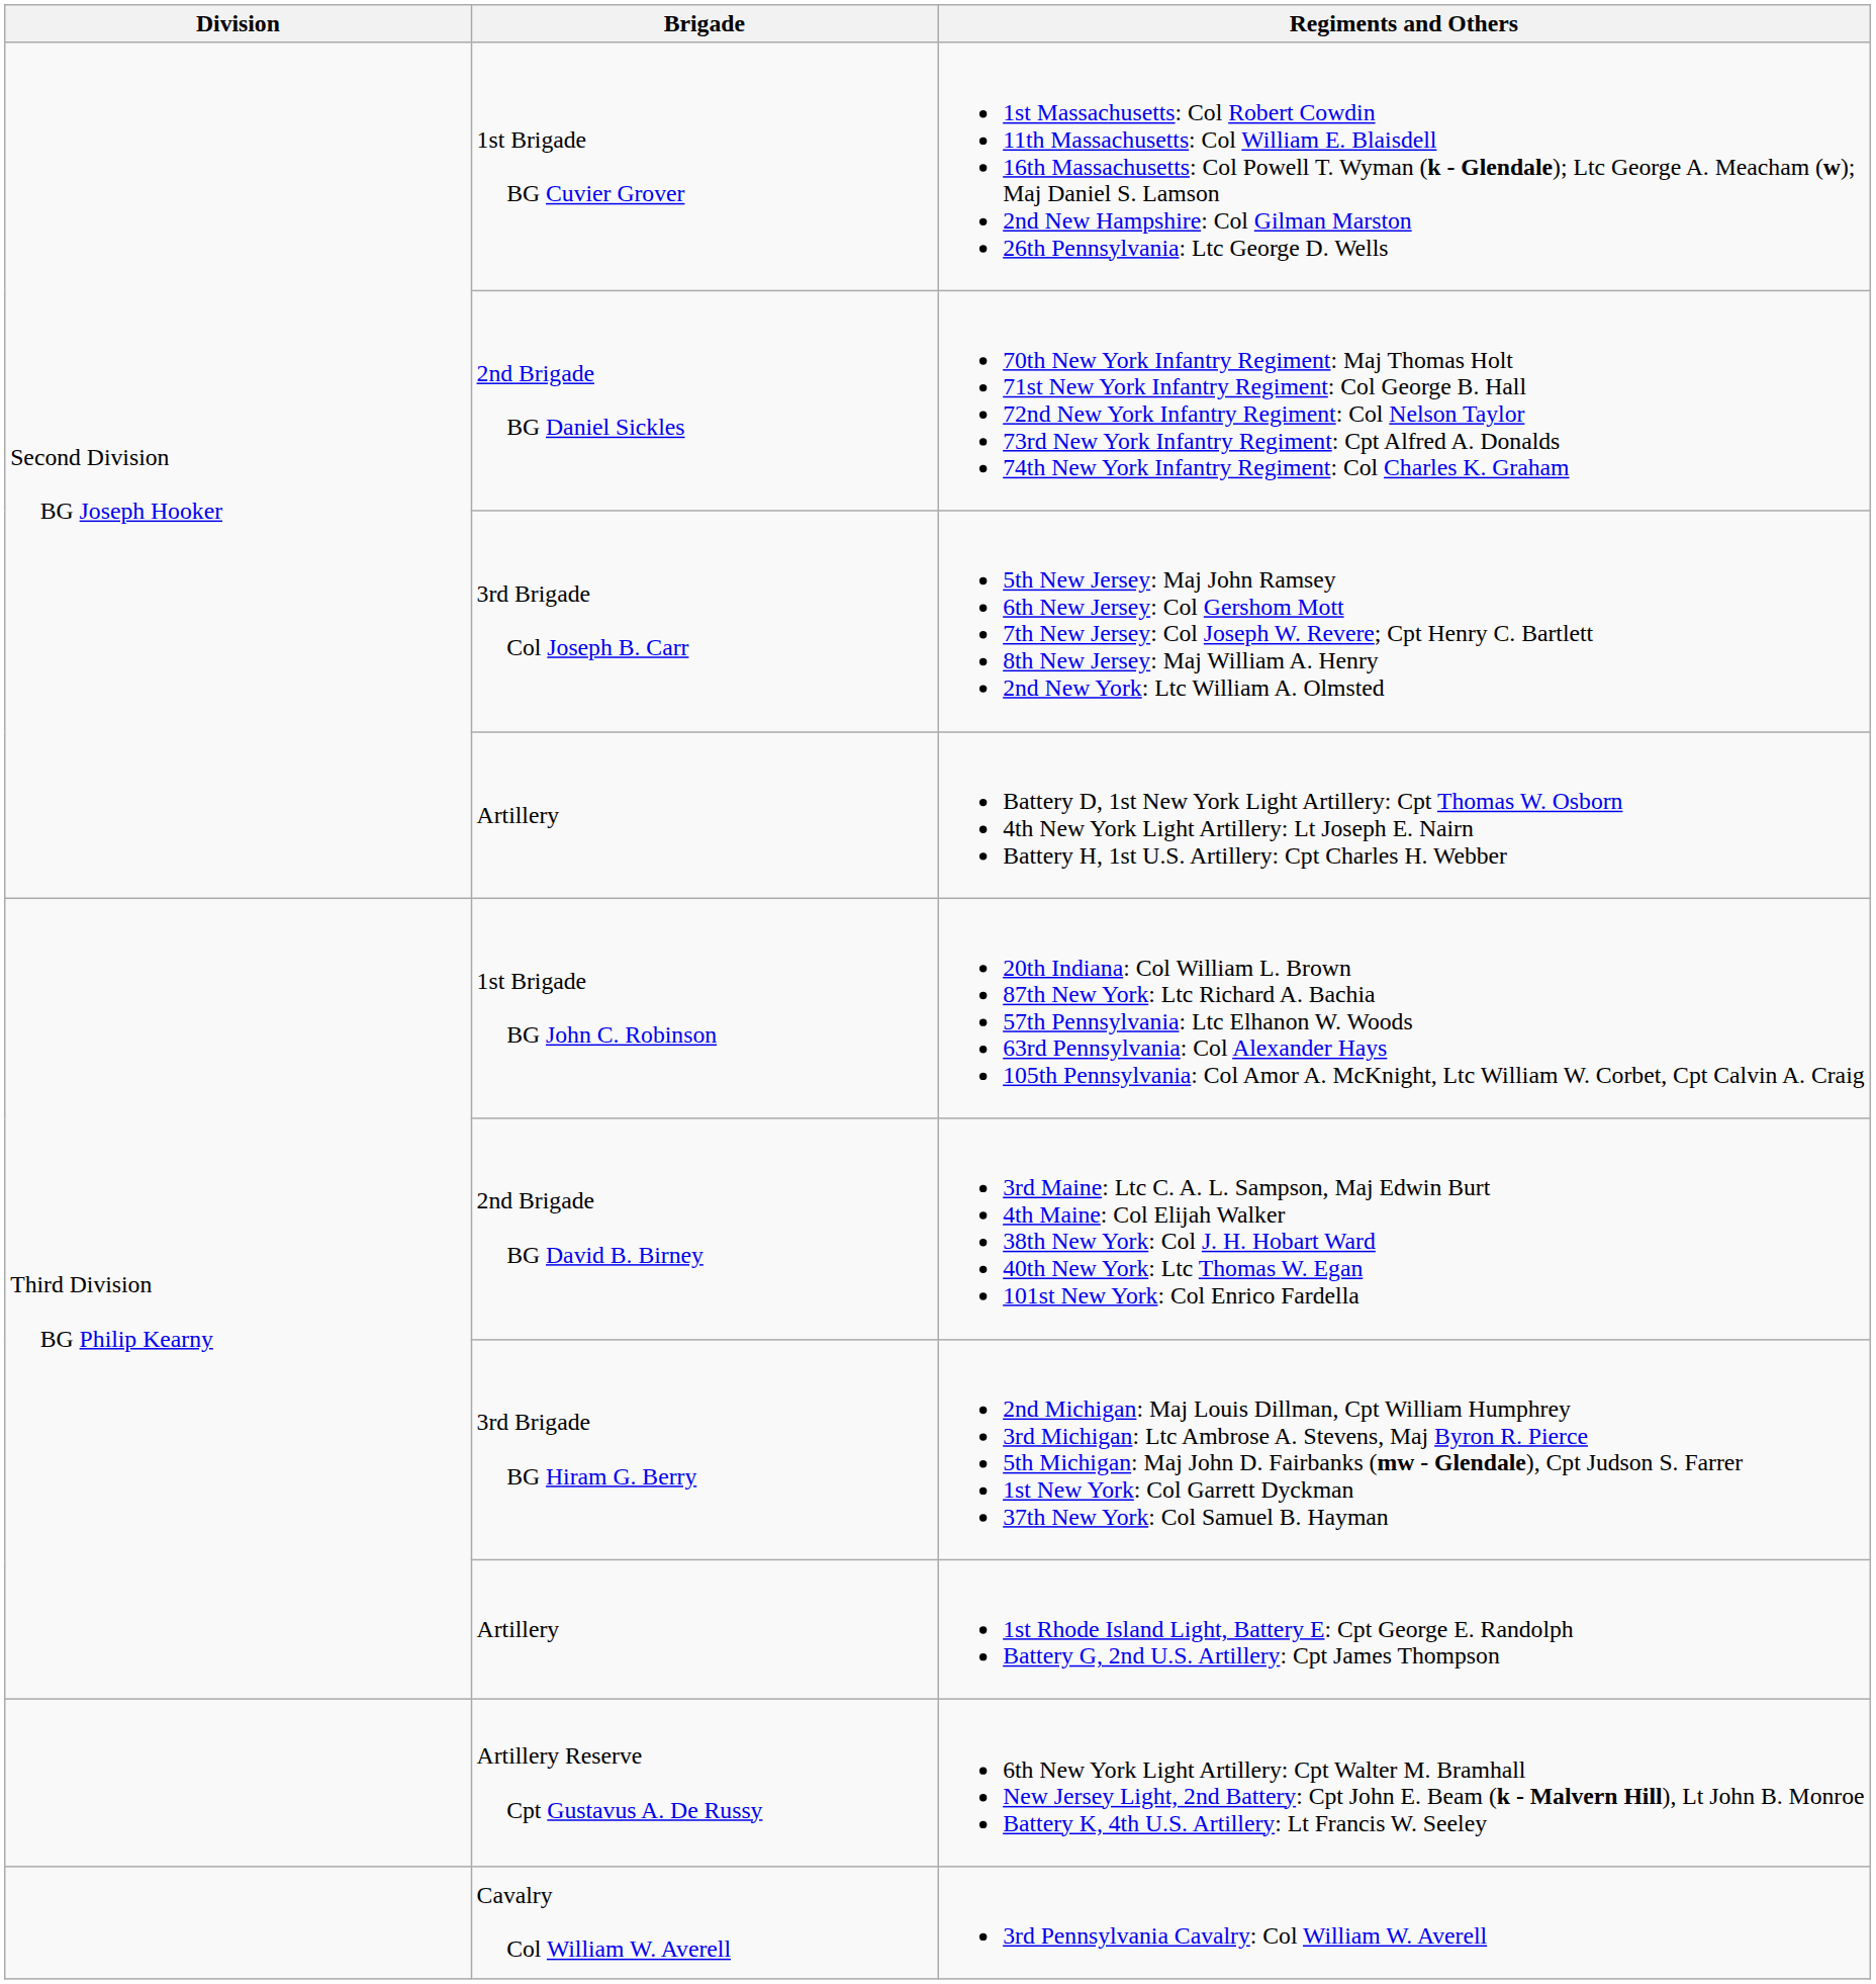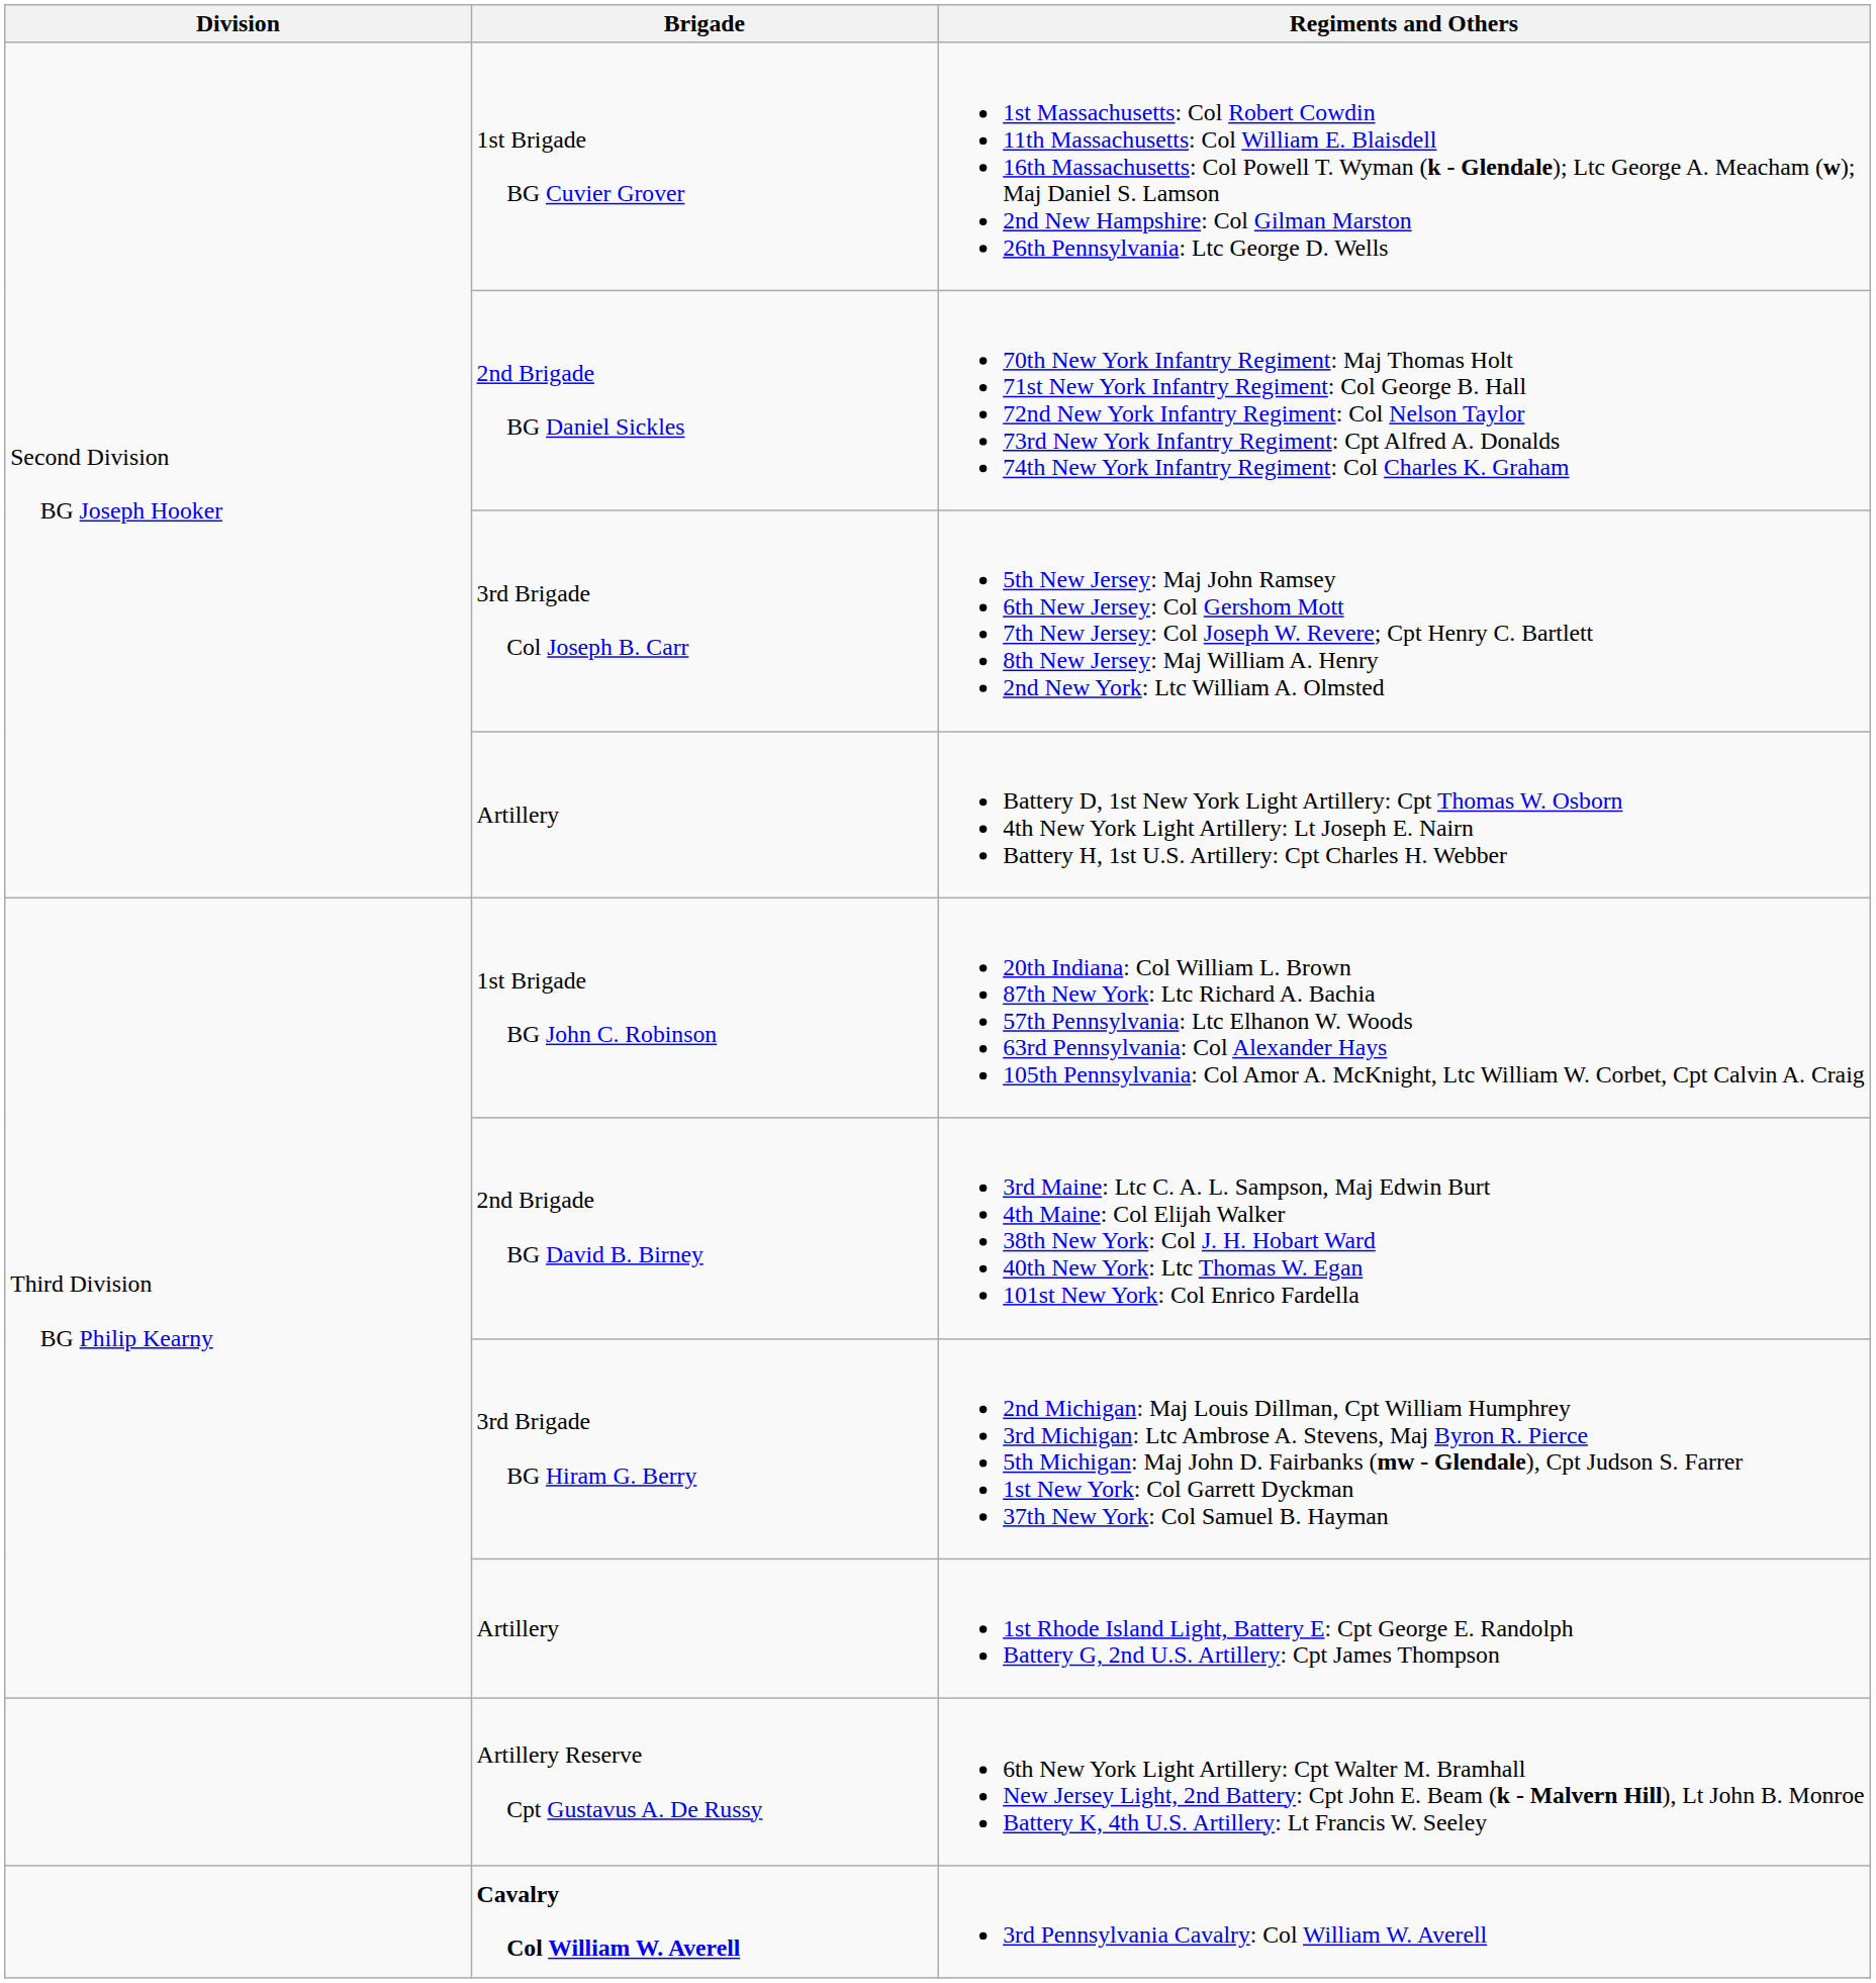 <table class="wikitable">
 <tr>
 <th width=25%>Division</th>
 <th width=25%>Brigade</th>
 <th>Regiments and Others</th>
 </tr>
 <tr>
 <td rowspan=4><br>Second Division<br><br>     BG <a href='#'>Joseph Hooker</a></td>
 <td>1st Brigade<br><br>     BG <a href='#'>Cuvier Grover</a></td>
 <td><br><ul><li><a href='#'>1st Massachusetts</a>: Col <a href='#'>Robert Cowdin</a></li><li><a href='#'>11th Massachusetts</a>: Col <a href='#'>William E. Blaisdell</a></li><li><a href='#'>16th Massachusetts</a>: Col Powell T. Wyman (<strong>k - Glendale</strong>); Ltc George A. Meacham (<strong>w</strong>); Maj Daniel S. Lamson</li><li><a href='#'>2nd New Hampshire</a>: Col <a href='#'>Gilman Marston</a></li><li><a href='#'>26th Pennsylvania</a>: Ltc George D. Wells</li></ul></td>
 </tr>
 <tr>
 <td><a href='#'>2nd Brigade</a><br><br>     BG <a href='#'>Daniel Sickles</a></td>
 <td><br><ul><li><a href='#'>70th New York Infantry Regiment</a>: Maj Thomas Holt</li><li><a href='#'>71st New York Infantry Regiment</a>: Col George B. Hall</li><li><a href='#'>72nd New York Infantry Regiment</a>: Col <a href='#'>Nelson Taylor</a></li><li><a href='#'>73rd New York Infantry Regiment</a>: Cpt Alfred A. Donalds</li><li><a href='#'>74th New York Infantry Regiment</a>: Col <a href='#'>Charles K. Graham</a></li></ul></td>
 </tr>
 <tr>
 <td>3rd Brigade<br><br>     Col <a href='#'>Joseph B. Carr</a></td>
 <td><br><ul><li><a href='#'>5th New Jersey</a>: Maj John Ramsey</li><li><a href='#'>6th New Jersey</a>: Col <a href='#'>Gershom Mott</a></li><li><a href='#'>7th New Jersey</a>: Col <a href='#'>Joseph W. Revere</a>; Cpt Henry C. Bartlett</li><li><a href='#'>8th New Jersey</a>: Maj William A. Henry</li><li><a href='#'>2nd New York</a>: Ltc William A. Olmsted</li></ul></td>
 </tr>
 <tr>
 <td>Artillery</td>
 <td><br><ul><li>Battery D, 1st New York Light Artillery: Cpt <a href='#'>Thomas W. Osborn</a></li><li>4th New York Light Artillery: Lt Joseph E. Nairn</li><li>Battery H, 1st U.S. Artillery:  Cpt Charles H. Webber</li></ul></td>
 </tr>
 <tr>
 <td rowspan=4><br>Third Division<br><br>     BG <a href='#'>Philip Kearny</a></td>
 <td>1st Brigade<br><br>     BG <a href='#'>John C. Robinson</a></td>
 <td><br><ul><li><a href='#'>20th Indiana</a>: Col William L. Brown</li><li><a href='#'>87th New York</a>: Ltc Richard A. Bachia</li><li><a href='#'>57th Pennsylvania</a>: Ltc Elhanon W. Woods</li><li><a href='#'>63rd Pennsylvania</a>: Col <a href='#'>Alexander Hays</a></li><li><a href='#'>105th Pennsylvania</a>: Col Amor A. McKnight, Ltc William W. Corbet, Cpt Calvin A. Craig</li></ul></td>
 </tr>
 <tr>
 <td>2nd Brigade<br><br>     BG <a href='#'>David B. Birney</a></td>
 <td><br><ul><li><a href='#'>3rd Maine</a>: Ltc C. A. L. Sampson, Maj Edwin Burt</li><li><a href='#'>4th Maine</a>: Col Elijah Walker</li><li><a href='#'>38th New York</a>: Col <a href='#'>J. H. Hobart Ward</a></li><li><a href='#'>40th New York</a>: Ltc <a href='#'>Thomas W. Egan</a></li><li><a href='#'>101st New York</a>: Col Enrico Fardella</li></ul></td>
 </tr>
 <tr>
 <td>3rd Brigade<br><br>     BG <a href='#'>Hiram G. Berry</a></td>
 <td><br><ul><li><a href='#'>2nd Michigan</a>: Maj Louis Dillman, Cpt William Humphrey</li><li><a href='#'>3rd Michigan</a>: Ltc Ambrose A. Stevens, Maj <a href='#'>Byron R. Pierce</a></li><li><a href='#'>5th Michigan</a>: Maj John D. Fairbanks (<strong>mw - Glendale</strong>), Cpt Judson S. Farrer</li><li><a href='#'>1st New York</a>: Col Garrett Dyckman</li><li><a href='#'>37th New York</a>: Col Samuel B. Hayman</li></ul></td>
 </tr>
 <tr>
 <td>Artillery</td>
 <td><br><ul><li><a href='#'>1st Rhode Island Light, Battery E</a>: Cpt George E. Randolph</li><li><a href='#'>Battery G, 2nd U.S. Artillery</a>: Cpt James Thompson</li></ul></td>
 </tr>
 <tr>
 <td></td>
 <td>Artillery Reserve<br><br>     Cpt <a href='#'>Gustavus A. De Russy</a></td>
 <td><br><ul><li>6th New York Light Artillery: Cpt Walter M. Bramhall</li><li><a href='#'>New Jersey Light, 2nd Battery</a>: Cpt John E. Beam (<strong>k - Malvern Hill</strong>), Lt John B. Monroe</li><li><a href='#'>Battery K, 4th U.S. Artillery</a>: Lt Francis W. Seeley</li></ul></td>
 </tr>
 <tr>
 <td></td>
-<td>Cavalry<br><br>     Col <a href='#'>William W. Averell</a></td>
+<td><strong>Cavalry<br><br>     Col <a href='#'>William W. Averell</a></strong></td>
 <td><br><ul><li><a href='#'>3rd Pennsylvania Cavalry</a>: Col <a href='#'>William W. Averell</a></li></ul></td>
 </tr>
 </table>
